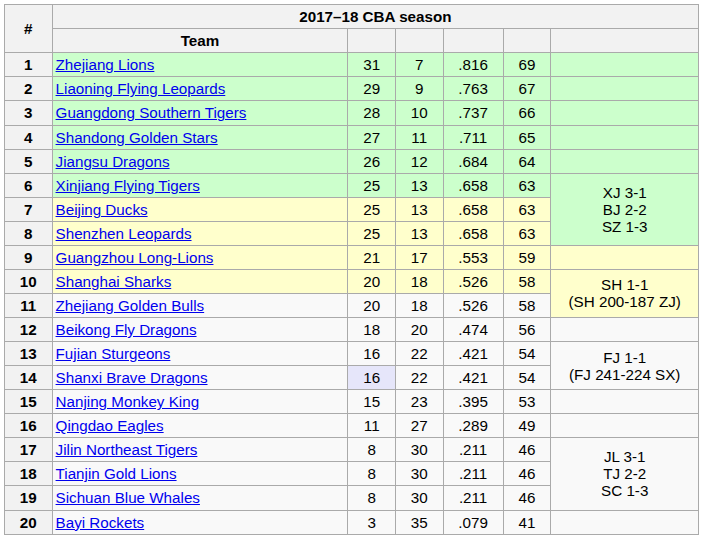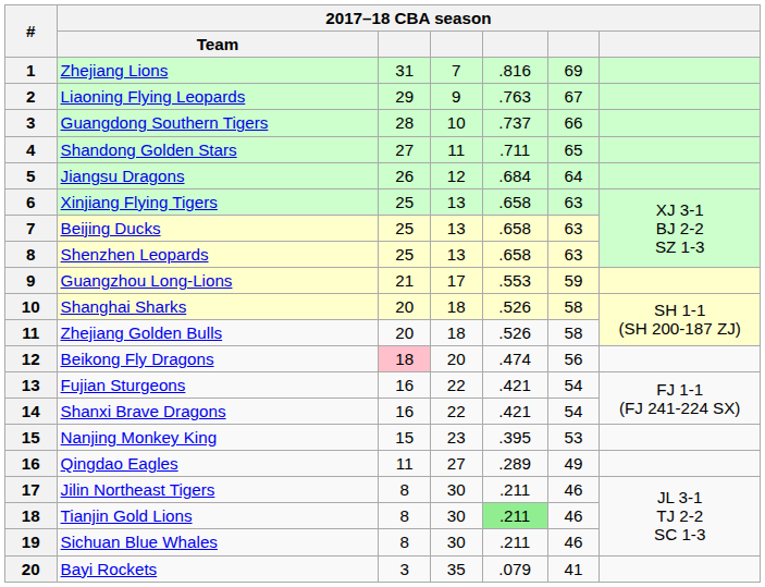 <table class="wikitable"  style="width:55%; font-size:95%;">
 <tr>
 <th style="width:3%;" rowspan="2">#</th>
 <th colspan="6" style="text-align:center;">2017–18 CBA season</th>
 </tr>
 <tr style="text-align:center;">
 <th style="width:20%;">Team</th>
 <th style="width:3%;"></th>
 <th style="width:3%;"></th>
 <th style="width:3%;"></th>
 <th style="width:3%;"></th>
 <th style="width:10%;"></th>
 </tr>
 <tr style="text-align:center; background:#cfc;">
 <th>1</th>
 <td style="text-align:left;"><a href='#'>Zhejiang Lions</a></td>
 <td>31</td>
 <td>7</td>
 <td>.816</td>
 <td>69</td>
 <td></td>
 </tr>
 <tr style="text-align:center; background:#cfc;">
 <th>2</th>
 <td style="text-align:left;"><a href='#'>Liaoning Flying Leopards</a></td>
 <td>29</td>
 <td>9</td>
 <td>.763</td>
 <td>67</td>
 <td></td>
 </tr>
 <tr style="text-align:center; background:#cfc;">
 <th>3</th>
 <td style="text-align:left;"><a href='#'>Guangdong Southern Tigers</a></td>
 <td>28</td>
 <td>10</td>
 <td>.737</td>
 <td>66</td>
 <td></td>
 </tr>
 <tr style="text-align:center; background:#cfc;">
 <th>4</th>
 <td style="text-align:left;"><a href='#'>Shandong Golden Stars</a></td>
 <td>27</td>
 <td>11</td>
 <td>.711</td>
 <td>65</td>
 <td></td>
 </tr>
 <tr style="text-align:center; background:#cfc;">
 <th>5</th>
 <td style="text-align:left;"><a href='#'>Jiangsu Dragons</a></td>
 <td>26</td>
 <td>12</td>
 <td>.684</td>
 <td>64</td>
 <td></td>
 </tr>
 <tr style="text-align:center; background:#cfc;">
 <th>6</th>
 <td style="text-align:left;"><a href='#'>Xinjiang Flying Tigers</a></td>
 <td>25</td>
 <td>13</td>
 <td>.658</td>
 <td>63</td>
 <td rowspan=3>XJ 3-1<br>BJ 2-2<br>SZ 1-3</td>
 </tr>
 <tr style="text-align:center; background:#ffc;">
 <th>7</th>
 <td style="text-align:left;"><a href='#'>Beijing Ducks</a></td>
 <td>25</td>
 <td>13</td>
 <td>.658</td>
 <td>63</td>
 </tr>
 <tr style="text-align:center; background:#ffc;">
 <th>8</th>
 <td style="text-align:left;"><a href='#'>Shenzhen Leopards</a></td>
 <td>25</td>
 <td>13</td>
 <td>.658</td>
 <td>63</td>
 </tr>
 <tr style="text-align:center; background:#ffc;">
 <th>9</th>
 <td style="text-align:left;"><a href='#'>Guangzhou Long-Lions</a></td>
 <td>21</td>
 <td>17</td>
 <td>.553</td>
 <td>59</td>
 <td></td>
 </tr>
 <tr style="text-align:center; background:#ffc;">
 <th>10</th>
 <td style="text-align:left;"><a href='#'>Shanghai Sharks</a></td>
 <td>20</td>
 <td>18</td>
 <td>.526</td>
 <td>58</td>
 <td rowspan=2>SH 1-1<br>(SH 200-187 ZJ)</td>
 </tr>
 <tr style="text-align:center;">
 <th>11</th>
 <td style="text-align:left;"><a href='#'>Zhejiang Golden Bulls</a></td>
 <td>20</td>
 <td>18</td>
 <td>.526</td>
 <td>58</td>
 </tr>
 <tr style="text-align:center;">
 <th>12</th>
 <td style="text-align:left;"><a href='#'>Beikong Fly Dragons</a></td>
-<td>18</td>
+<td style="background: pink;">18</td>
 <td>20</td>
 <td>.474</td>
 <td>56</td>
 <td></td>
 </tr>
 <tr style="text-align:center;">
 <th>13</th>
 <td style="text-align:left;"><a href='#'>Fujian Sturgeons</a></td>
 <td>16</td>
 <td>22</td>
 <td>.421</td>
 <td>54</td>
 <td rowspan=2>FJ 1-1<br>(FJ 241-224 SX)</td>
 </tr>
 <tr style="text-align:center;">
 <th>14</th>
 <td style="text-align:left;"><a href='#'>Shanxi Brave Dragons</a></td>
-<td style="background: lavender;">16</td>
+<td>16</td>
 <td>22</td>
 <td>.421</td>
 <td>54</td>
 </tr>
 <tr style="text-align:center;">
 <th>15</th>
 <td style="text-align:left;"><a href='#'>Nanjing Monkey King</a></td>
 <td>15</td>
 <td>23</td>
 <td>.395</td>
 <td>53</td>
 <td></td>
 </tr>
 <tr style="text-align:center;">
 <th>16</th>
 <td style="text-align:left;"><a href='#'>Qingdao Eagles</a></td>
 <td>11</td>
 <td>27</td>
 <td>.289</td>
 <td>49</td>
 <td></td>
 </tr>
 <tr style="text-align:center;">
 <th>17</th>
 <td style="text-align:left;"><a href='#'>Jilin Northeast Tigers</a></td>
 <td>8</td>
 <td>30</td>
 <td>.211</td>
 <td>46</td>
 <td rowspan=3>JL 3-1<br>TJ 2-2<br>SC 1-3</td>
 </tr>
 <tr style="text-align:center;">
 <th>18</th>
 <td style="text-align:left;"><a href='#'>Tianjin Gold Lions</a></td>
 <td>8</td>
 <td>30</td>
-<td>.211</td>
+<td style="background: lightgreen;">.211</td>
 <td>46</td>
 </tr>
 <tr style="text-align:center;">
 <th>19</th>
 <td style="text-align:left;"><a href='#'>Sichuan Blue Whales</a></td>
 <td>8</td>
 <td>30</td>
 <td>.211</td>
 <td>46</td>
 </tr>
 <tr style="text-align:center;">
 <th>20</th>
 <td style="text-align:left;"><a href='#'>Bayi Rockets</a></td>
 <td>3</td>
 <td>35</td>
 <td>.079</td>
 <td>41</td>
 <td></td>
 </tr>
 <tr style="text-align:center;">
 </tr>
 </table>
